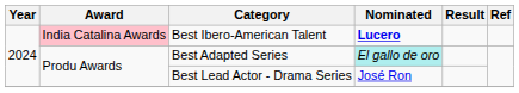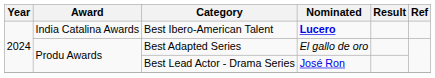 <table class="wikitable plainrowheaders">
 <tr>
 <th scope="col">Year</th>
 <th scope="col">Award</th>
 <th scope="col">Category</th>
 <th scope="col">Nominated</th>
 <th scope="col">Result</th>
 <th scope="col">Ref</th>
 </tr>
 <tr>
 <td rowspan="3">2024</td>
-<td style="background: pink;">India Catalina Awards</td>
+<td>India Catalina Awards</td>
 <td>Best Ibero-American Talent</td>
 <td><strong><a href='#'>Lucero</a></strong></td>
 <td></td>
 <td></td>
 </tr>
 <tr>
 <td rowspan="2">Produ Awards</td>
 <td>Best Adapted Series</td>
-<td style="background: paleturquoise;"><em>El gallo de oro</em></td>
+<td><em>El gallo de oro</em></td>
 <td></td>
 <td align="center" rowspan="2"></td>
 </tr>
 <tr>
 <td>Best Lead Actor - Drama Series</td>
 <td><a href='#'>José Ron</a></td>
 <td></td>
 </tr>
 <tr>
 </tr>
 </table>
